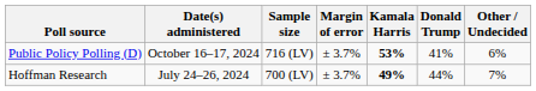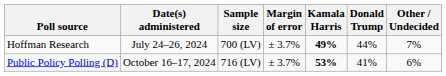 <table class="wikitable sortable mw-datatable" style="font-size:90%;text-align:center;line-height:17px">
 <tr valign=bottom>
 <th>Poll source</th>
 <th>Date(s)<br>administered</th>
 <th>Sample<br>size</th>
 <th>Margin<br>of error</th>
 <th class="unsortable">Kamala<br>Harris<br></th>
 <th class="unsortable">Donald<br>Trump<br></th>
 <th class="unsortable">Other /<br>Undecided</th>
 </tr>
 <tr>
+<td style="text-align:left;">Hoffman Research</td>
+<td data-sort-value="2024-07-26">July 24–26, 2024</td>
+<td>700 (LV)</td>
+<td>± 3.7%</td>
+<td style="color:black;background-color:"><strong>49%</strong></td>
+<td>44%</td>
+<td>7%</td>
+</tr>
+<tr>
 <td style="text-align:left;"><a href='#'>Public Policy Polling (D)</a></td>
 <td data-sort-value="2024-10-17">October 16–17, 2024</td>
 <td>716 (LV)</td>
 <td>± 3.7%</td>
 <td style="color:black;background-color:"><strong>53%</strong></td>
 <td>41%</td>
 <td>6%</td>
 </tr>
-<tr>
-<td style="text-align:left;">Hoffman Research</td>
-<td data-sort-value="2024-07-26">July 24–26, 2024</td>
-<td>700 (LV)</td>
-<td>± 3.7%</td>
-<td style="color:black;background-color:"><strong>49%</strong></td>
-<td>44%</td>
-<td>7%</td>
-</tr>
 </table>
